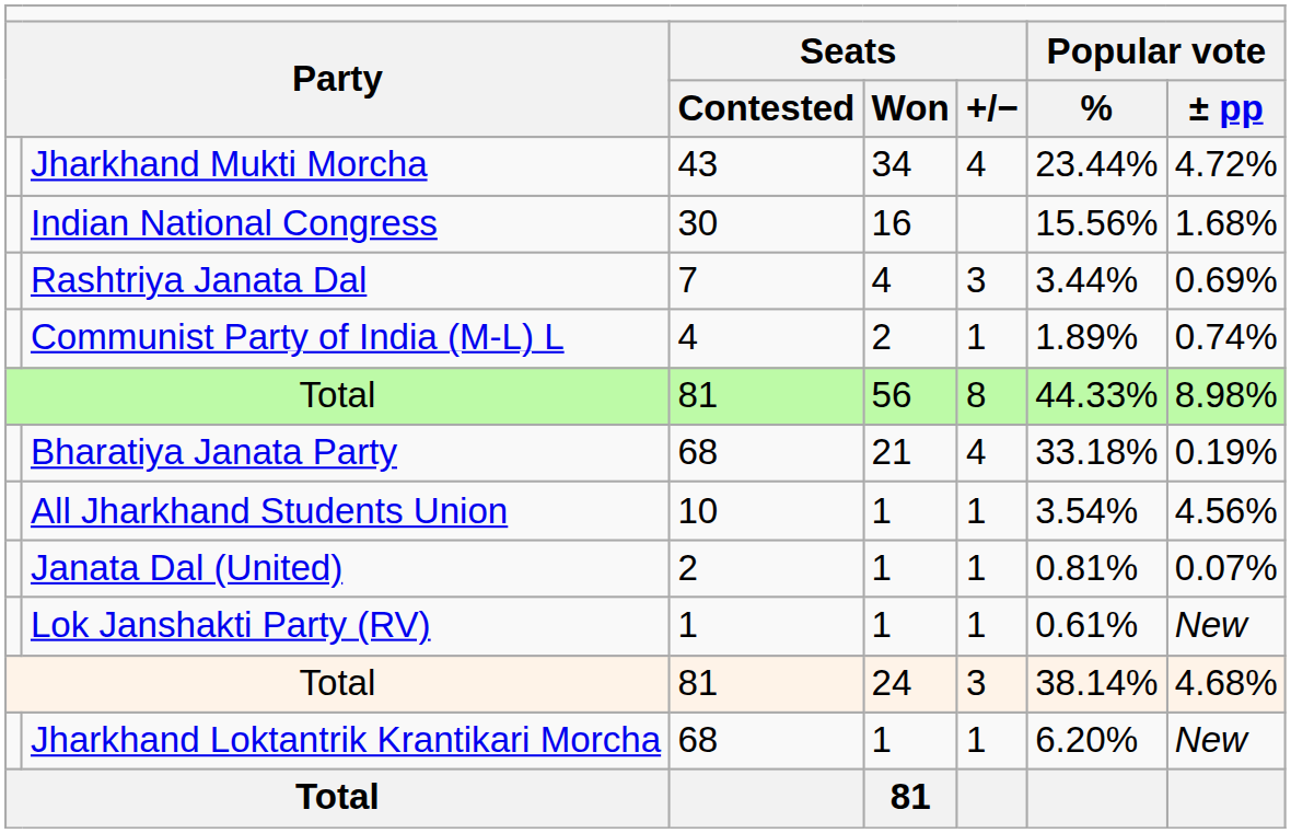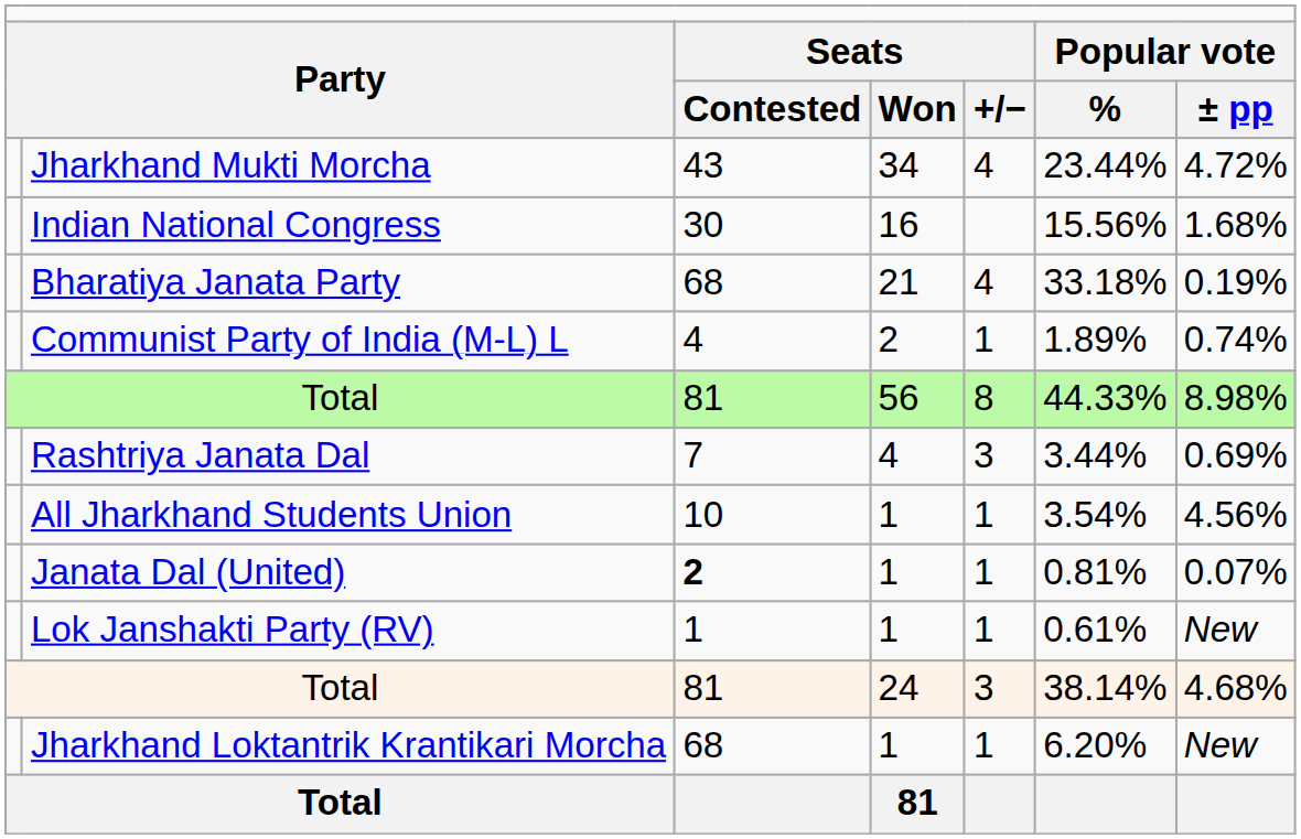 <table class="wikitable">
 <tr>
 <td colspan="7"></td>
 </tr>
 <tr>
 <th colspan="2" rowspan="2">Party</th>
 <th colspan="3">Seats</th>
 <th colspan="2">Popular vote</th>
 </tr>
 <tr>
 <th>Contested</th>
 <th>Won</th>
 <th><strong>+/−</strong></th>
 <th>%</th>
 <th>± <a href='#'>pp</a></th>
 </tr>
 <tr>
 <td style="background-color: "></td>
 <td><a href='#'>Jharkhand Mukti Morcha</a></td>
 <td>43</td>
 <td>34</td>
 <td>4</td>
 <td>23.44%</td>
 <td> 4.72%</td>
 </tr>
 <tr>
 <td style="background-color: "></td>
 <td><a href='#'>Indian National Congress</a></td>
 <td>30</td>
 <td>16</td>
 <td></td>
 <td>15.56%</td>
 <td> 1.68%</td>
 </tr>
 <tr>
 <td style="background-color: "></td>
-<td><a href='#'>Rashtriya Janata Dal</a></td>
-<td>7</td>
+<td><a href='#'>Bharatiya Janata Party</a></td>
+<td>68</td>
+<td>21</td>
 <td>4</td>
-<td>3</td>
-<td>3.44%</td>
-<td> 0.69%</td>
+<td>33.18%</td>
+<td> 0.19%</td>
 </tr>
 <tr>
 <td style="background-color: "></td>
 <td><a href='#'>Communist Party of India (M-L) L</a></td>
 <td>4</td>
 <td>2</td>
 <td>1</td>
 <td>1.89%</td>
 <td> 0.74%</td>
 </tr>
 <tr>
 <td colspan="2" align="center" style="background: #BDFAA7">Total</td>
 <td style="background: #BDFAA7">81</td>
 <td style="background: #BDFAA7">56</td>
 <td style="background: #BDFAA7"> 8</td>
 <td style="background:	#BDFAA7">44.33%</td>
 <td style="background:	#BDFAA7"> 8.98%</td>
 </tr>
 <tr>
 <td style="background-color: "></td>
-<td><a href='#'>Bharatiya Janata Party</a></td>
-<td>68</td>
-<td>21</td>
+<td><a href='#'>Rashtriya Janata Dal</a></td>
+<td>7</td>
 <td>4</td>
-<td>33.18%</td>
-<td> 0.19%</td>
+<td>3</td>
+<td>3.44%</td>
+<td> 0.69%</td>
 </tr>
 <tr>
 <td style="background-color: "></td>
 <td><a href='#'>All Jharkhand Students Union</a></td>
 <td>10</td>
 <td>1</td>
 <td>1</td>
 <td>3.54%</td>
 <td> 4.56%</td>
 </tr>
 <tr>
 <td style="background-color: "></td>
 <td><a href='#'>Janata Dal (United)</a></td>
-<td>2</td>
+<td><strong>2</strong></td>
 <td>1</td>
 <td>1</td>
 <td>0.81%</td>
 <td> 0.07%</td>
 </tr>
 <tr>
 <td style="background-color: "></td>
 <td><a href='#'>Lok Janshakti Party (RV)</a></td>
 <td>1</td>
 <td>1</td>
 <td>1</td>
 <td>0.61%</td>
 <td><em>New</em></td>
 </tr>
 <tr>
 <td colspan="2" align="center" style="background: #FEF3E8">Total</td>
 <td style="background: #FEF3E8">81</td>
 <td style="background: #FEF3E8">24</td>
 <td style="background: #FEF3E8"> 3</td>
 <td style="background:	#FEF3E8">38.14%</td>
 <td style="background:	#FEF3E8"> 4.68%</td>
 </tr>
 <tr>
 <td style="background-color: "></td>
 <td><a href='#'>Jharkhand Loktantrik Krantikari Morcha</a></td>
 <td>68</td>
 <td>1</td>
 <td>1</td>
 <td>6.20%</td>
 <td><em>New</em></td>
 </tr>
 <tr>
 <th colspan="2">Total</th>
 <th></th>
 <th>81</th>
 <th></th>
 <th></th>
 <th></th>
 </tr>
 </table>
